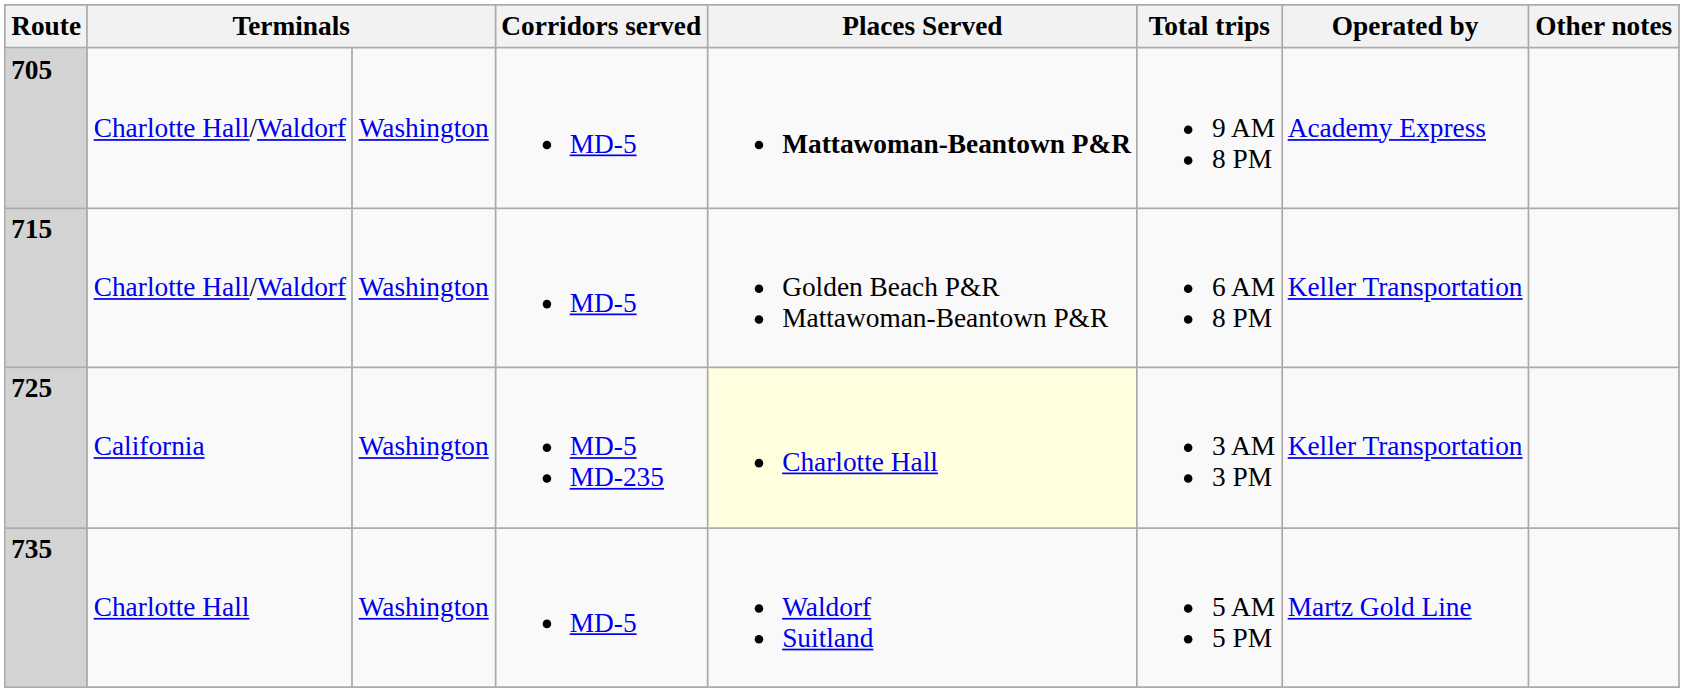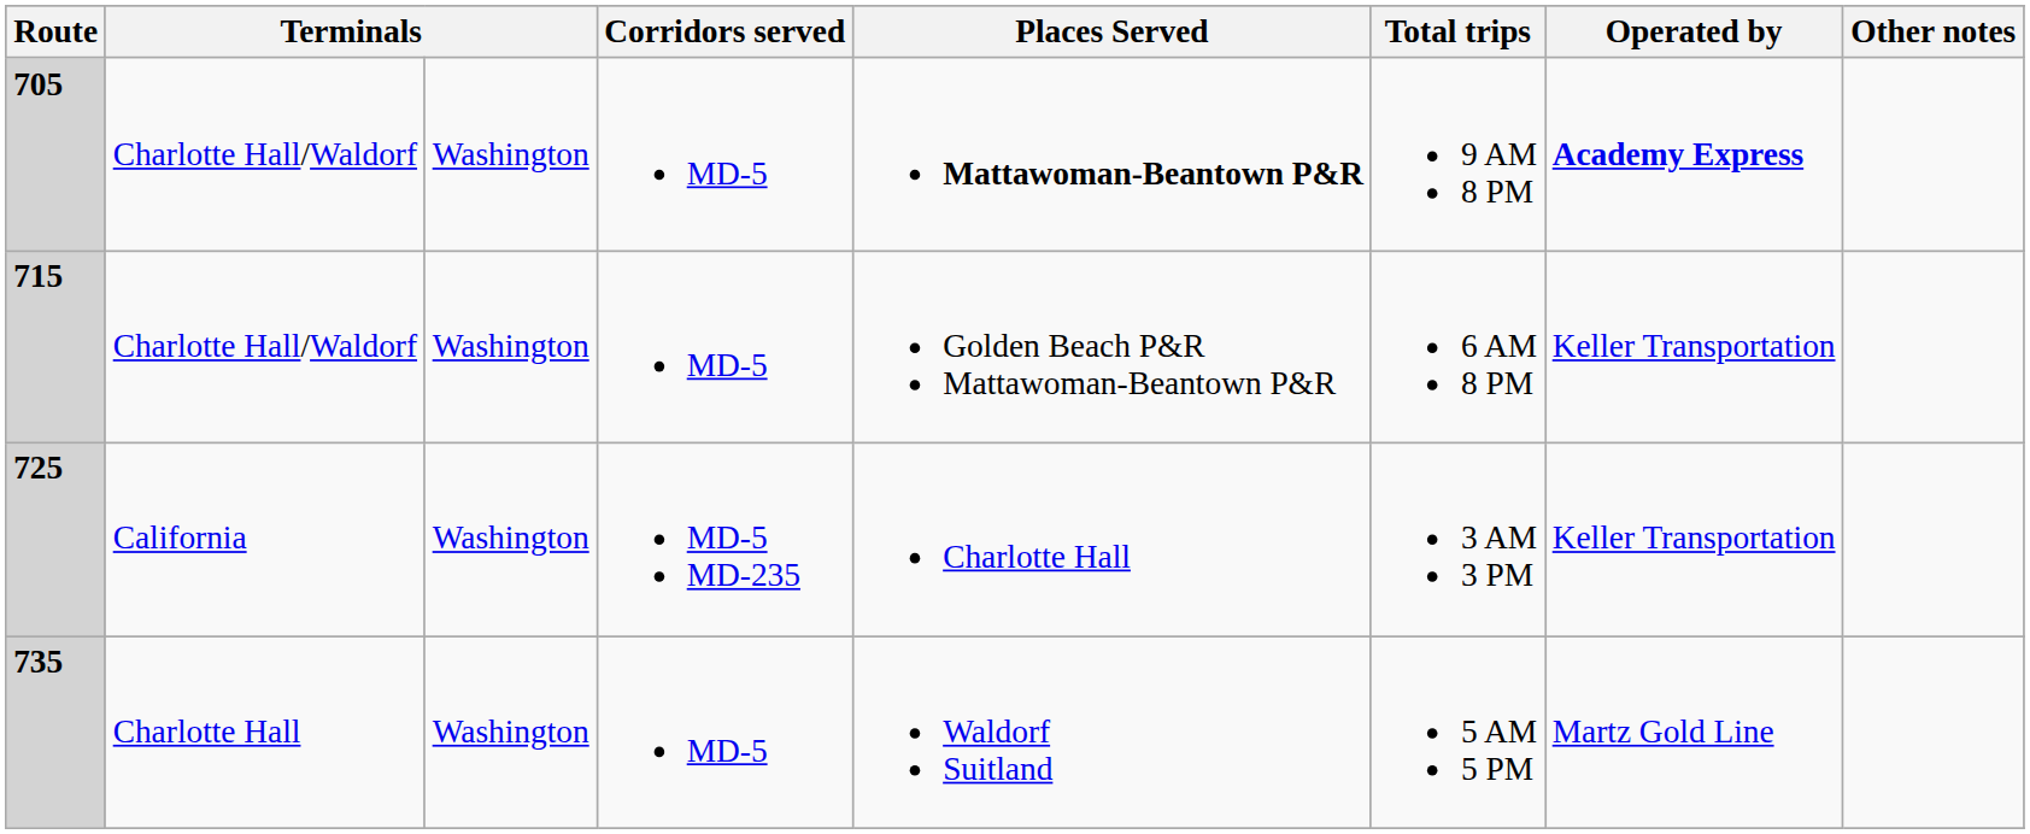 <table class="wikitable">
 <tr>
 <th>Route</th>
 <th colspan="2">Terminals</th>
 <th>Corridors served</th>
 <th>Places Served</th>
 <th>Total trips</th>
 <th>Operated by</th>
 <th>Other notes</th>
 </tr>
 <tr>
 <td style="background:lightgray; color:black; vertical-align:top"><div><strong>705</strong></div></td>
 <td><a href='#'>Charlotte Hall</a>/<a href='#'>Waldorf</a></td>
 <td><a href='#'>Washington</a></td>
 <td><br><ul><li><a href='#'>MD-5</a></li></ul></td>
 <td><strong><br><ul><li>Mattawoman-Beantown P&R</li></ul></strong></td>
 <td><br><ul><li>9 AM</li><li>8 PM</li></ul></td>
-<td><a href='#'>Academy Express</a></td>
+<td><strong><a href='#'>Academy Express</a></strong></td>
 <td></td>
 </tr>
 <tr>
 <td style="background:lightgray; color:black; vertical-align:top"><div><strong>715</strong></div></td>
 <td><a href='#'>Charlotte Hall</a>/<a href='#'>Waldorf</a></td>
 <td><a href='#'>Washington</a></td>
 <td><br><ul><li><a href='#'>MD-5</a></li></ul></td>
 <td><br><ul><li>Golden Beach P&R</li><li>Mattawoman-Beantown P&R</li></ul></td>
 <td><br><ul><li>6 AM</li><li>8 PM</li></ul></td>
 <td><a href='#'>Keller Transportation</a></td>
 <td></td>
 </tr>
 <tr>
 <td style="background:lightgray; color:black; vertical-align:top"><div><strong>725</strong></div></td>
 <td><a href='#'>California</a></td>
 <td><a href='#'>Washington</a></td>
 <td><br><ul><li><a href='#'>MD-5</a></li><li><a href='#'>MD-235</a></li></ul></td>
-<td style="background: lightyellow;"><br><ul><li><a href='#'>Charlotte Hall</a></li></ul></td>
+<td><br><ul><li><a href='#'>Charlotte Hall</a></li></ul></td>
 <td><br><ul><li>3 AM</li><li>3 PM</li></ul></td>
 <td><a href='#'>Keller Transportation</a></td>
 <td></td>
 </tr>
 <tr>
 <td style="background:lightgray; color:black; vertical-align:top"><div><strong>735</strong></div></td>
 <td><a href='#'>Charlotte Hall</a></td>
 <td><a href='#'>Washington</a></td>
 <td><br><ul><li><a href='#'>MD-5</a></li></ul></td>
 <td><br><ul><li><a href='#'>Waldorf</a></li><li><a href='#'>Suitland</a></li></ul></td>
 <td><br><ul><li>5 AM</li><li>5 PM</li></ul></td>
 <td><a href='#'>Martz Gold Line</a></td>
 <td></td>
 </tr>
 </table>
